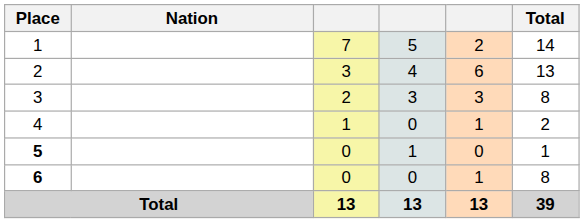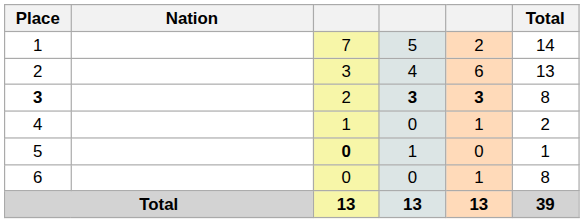 <table class=wikitable style="border:1px solid #AAAAAA;font-size:90%">
 <tr bgcolor="#EFEFEF">
 <th width=50>Place</th>
 <th width=200>Nation</th>
 <th width=50></th>
 <th width=50></th>
 <th width=50></th>
 <th width=50>Total</th>
 </tr>
 <tr align="center" valign="top" bgcolor="#FFFFFF">
 <td>1</td>
 <td align="left"></td>
 <td style="background:#F7F6A8;">7</td>
 <td style="background:#DCE5E5;">5</td>
 <td style="background:#FFDAB9;">2</td>
 <td>14</td>
 </tr>
 <tr align="center" valign="top" bgcolor="#FFFFFF">
 <td>2</td>
 <td align="left"></td>
 <td style="background:#F7F6A8;">3</td>
 <td style="background:#DCE5E5;">4</td>
 <td style="background:#FFDAB9;">6</td>
 <td>13</td>
 </tr>
 <tr align="center" valign="top" bgcolor="#FFFFFF">
-<td>3</td>
+<td><strong>3</strong></td>
 <td align="left"></td>
 <td style="background:#F7F6A8;">2</td>
-<td style="background:#DCE5E5;">3</td>
-<td style="background:#FFDAB9;">3</td>
+<td style="background:#DCE5E5;"><strong>3</strong></td>
+<td style="background:#FFDAB9;"><strong>3</strong></td>
 <td>8</td>
 </tr>
 <tr align="center" valign="top" bgcolor="#FFFFFF">
 <td>4</td>
 <td align="left"></td>
 <td style="background:#F7F6A8;">1</td>
 <td style="background:#DCE5E5;">0</td>
 <td style="background:#FFDAB9;">1</td>
 <td>2</td>
 </tr>
 <tr align="center" valign="top" bgcolor="#FFFFFF">
-<td><strong>5</strong></td>
+<td>5</td>
 <td align="left"></td>
-<td style="background:#F7F6A8;">0</td>
+<td style="background:#F7F6A8;"><strong>0</strong></td>
 <td style="background:#DCE5E5;">1</td>
 <td style="background:#FFDAB9;">0</td>
 <td>1</td>
 </tr>
 <tr align="center" valign="top" bgcolor="#FFFFFF">
-<td><strong>6</strong></td>
+<td>6</td>
 <td align="left"></td>
 <td style="background:#F7F6A8;">0</td>
 <td style="background:#DCE5E5;">0</td>
 <td style="background:#FFDAB9;">1</td>
 <td>8</td>
 </tr>
 <tr align="center">
 <td colspan="2" bgcolor=D3D3D3><strong>Total</strong></td>
 <td style="background:#F7F6A8;"><strong>13</strong></td>
 <td style="background:#DCE5E5;"><strong>13</strong></td>
 <td style="background:#FFDAB9;"><strong>13</strong></td>
 <td bgcolor=D3D3D3><strong>39</strong></td>
 </tr>
 </table>
